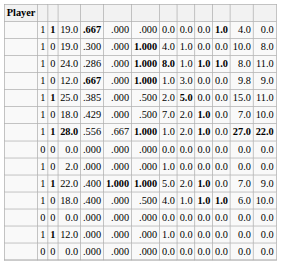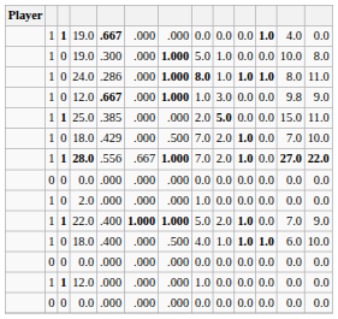 <table class="wikitable sortable" style="font-size:95%; text-align:right">
 <tr>
 <th>Player</th>
 <th></th>
 <th></th>
 <th></th>
 <th></th>
 <th></th>
 <th></th>
 <th></th>
 <th></th>
 <th></th>
 <th></th>
 <th></th>
 <th></th>
 </tr>
 <tr>
 <td><strong></strong></td>
 <td>1</td>
 <td><strong>1</strong></td>
 <td>19.0</td>
 <td><strong>.667</strong></td>
 <td>.000</td>
 <td>.000</td>
 <td>0.0</td>
 <td>0.0</td>
 <td>0.0</td>
 <td><strong>1.0</strong></td>
 <td>4.0</td>
 <td>0.0</td>
 </tr>
 <tr>
 <td><strong></strong></td>
 <td>1</td>
 <td>0</td>
 <td>19.0</td>
 <td>.300</td>
 <td>.000</td>
 <td><strong>1.000</strong></td>
-<td>4.0</td>
+<td>5.0</td>
 <td>1.0</td>
 <td>0.0</td>
 <td>0.0</td>
 <td>10.0</td>
 <td>8.0</td>
 </tr>
 <tr>
 <td><strong></strong></td>
 <td>1</td>
 <td>0</td>
 <td>24.0</td>
 <td>.286</td>
 <td>.000</td>
 <td><strong>1.000</strong></td>
 <td><strong>8.0</strong></td>
 <td>1.0</td>
 <td><strong>1.0</strong></td>
 <td><strong>1.0</strong></td>
 <td>8.0</td>
 <td>11.0</td>
 </tr>
 <tr>
 <td><strong></strong></td>
 <td>1</td>
 <td>0</td>
 <td>12.0</td>
 <td><strong>.667</strong></td>
 <td>.000</td>
 <td><strong>1.000</strong></td>
 <td>1.0</td>
 <td>3.0</td>
 <td>0.0</td>
 <td>0.0</td>
 <td>9.8</td>
 <td>9.0</td>
 </tr>
 <tr>
 <td><strong></strong></td>
 <td>1</td>
 <td><strong>1</strong></td>
 <td>25.0</td>
 <td>.385</td>
 <td>.000</td>
-<td>.500</td>
+<td>.000</td>
 <td>2.0</td>
 <td><strong>5.0</strong></td>
 <td>0.0</td>
 <td>0.0</td>
 <td>15.0</td>
 <td>11.0</td>
 </tr>
 <tr>
 <td><strong></strong></td>
 <td>1</td>
 <td>0</td>
 <td>18.0</td>
 <td>.429</td>
 <td>.000</td>
 <td>.500</td>
 <td>7.0</td>
 <td>2.0</td>
 <td><strong>1.0</strong></td>
 <td>0.0</td>
 <td>7.0</td>
 <td>10.0</td>
 </tr>
 <tr>
 <td><strong></strong></td>
 <td>1</td>
 <td><strong>1</strong></td>
 <td><strong>28.0</strong></td>
 <td>.556</td>
 <td>.667</td>
 <td><strong>1.000</strong></td>
-<td>1.0</td>
+<td>7.0</td>
 <td>2.0</td>
 <td><strong>1.0</strong></td>
 <td>0.0</td>
 <td><strong>27.0</strong></td>
 <td><strong>22.0</strong></td>
 </tr>
 <tr>
 <td><strong></strong></td>
 <td>0</td>
 <td>0</td>
 <td>0.0</td>
 <td>.000</td>
 <td>.000</td>
 <td>.000</td>
 <td>0.0</td>
 <td>0.0</td>
 <td>0.0</td>
 <td>0.0</td>
 <td>0.0</td>
 <td>0.0</td>
 </tr>
 <tr>
 <td><strong></strong></td>
 <td>1</td>
 <td>0</td>
 <td>2.0</td>
 <td>.000</td>
 <td>.000</td>
 <td>.000</td>
 <td>1.0</td>
 <td>0.0</td>
 <td>0.0</td>
 <td>0.0</td>
 <td>0.0</td>
 <td>0.0</td>
 </tr>
 <tr>
 <td><strong></strong></td>
 <td>1</td>
 <td><strong>1</strong></td>
 <td>22.0</td>
 <td>.400</td>
 <td><strong>1.000</strong></td>
 <td><strong>1.000</strong></td>
 <td>5.0</td>
 <td>2.0</td>
 <td><strong>1.0</strong></td>
 <td>0.0</td>
 <td>7.0</td>
 <td>9.0</td>
 </tr>
 <tr>
 <td><strong></strong></td>
 <td>1</td>
 <td>0</td>
 <td>18.0</td>
 <td>.400</td>
 <td>.000</td>
 <td>.500</td>
 <td>4.0</td>
 <td>1.0</td>
 <td><strong>1.0</strong></td>
 <td><strong>1.0</strong></td>
 <td>6.0</td>
 <td>10.0</td>
 </tr>
 <tr>
 <td><strong></strong></td>
 <td>0</td>
 <td>0</td>
 <td>0.0</td>
 <td>.000</td>
 <td>.000</td>
 <td>.000</td>
 <td>0.0</td>
 <td>0.0</td>
 <td>0.0</td>
 <td>0.0</td>
 <td>0.0</td>
 <td>0.0</td>
 </tr>
 <tr>
 <td><strong></strong></td>
 <td>1</td>
 <td><strong>1</strong></td>
 <td>12.0</td>
 <td>.000</td>
 <td>.000</td>
 <td>.000</td>
 <td>1.0</td>
 <td>0.0</td>
 <td>0.0</td>
 <td>0.0</td>
 <td>0.0</td>
 <td>0.0</td>
 </tr>
 <tr>
 <td><strong></strong></td>
 <td>0</td>
 <td>0</td>
 <td>0.0</td>
 <td>.000</td>
 <td>.000</td>
 <td>.000</td>
 <td>0.0</td>
 <td>0.0</td>
 <td>0.0</td>
 <td>0.0</td>
 <td>0.0</td>
 <td>0.0</td>
 </tr>
 <tr>
 </tr>
 </table>
